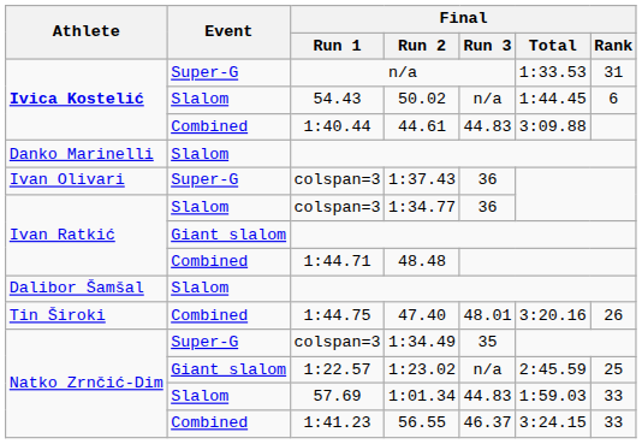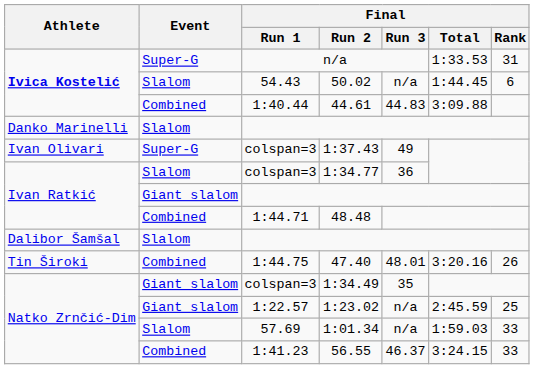 <table class="wikitable" style="font-size:90%">
 <tr>
 <th rowspan="2">Athlete</th>
 <th rowspan="2">Event</th>
 <th colspan="5">Final</th>
 </tr>
 <tr>
 <th>Run 1</th>
 <th>Run 2</th>
 <th>Run 3</th>
 <th>Total</th>
 <th>Rank</th>
 </tr>
 <tr>
 <td rowspan=3><strong><a href='#'>Ivica Kostelić</a></strong></td>
 <td><a href='#'>Super-G</a></td>
 <td colspan=3 align="center">n/a</td>
 <td align="center">1:33.53</td>
 <td align="center">31</td>
 </tr>
 <tr>
 <td><a href='#'>Slalom</a></td>
 <td align="center">54.43</td>
 <td align="center">50.02</td>
 <td align="center">n/a</td>
 <td align="center">1:44.45</td>
 <td align="center">6</td>
 </tr>
 <tr>
 <td><a href='#'>Combined</a></td>
 <td align="center">1:40.44</td>
 <td align="center">44.61</td>
 <td align="center">44.83</td>
 <td align="center">3:09.88</td>
 <td align="center"></td>
 </tr>
 <tr>
 <td><a href='#'>Danko Marinelli</a></td>
 <td><a href='#'>Slalom</a></td>
 <td colspan=5 align="center"></td>
 </tr>
 <tr>
 <td><a href='#'>Ivan Olivari</a></td>
 <td><a href='#'>Super-G</a></td>
 <td>colspan=3 </td>
 <td align="center">1:37.43</td>
-<td align="center">36</td>
+<td align="center">49</td>
 </tr>
 <tr>
 <td rowspan=3><a href='#'>Ivan Ratkić</a></td>
 <td><a href='#'>Slalom</a></td>
 <td>colspan=3 </td>
 <td align="center">1:34.77</td>
 <td align="center">36</td>
 </tr>
 <tr>
 <td><a href='#'>Giant slalom</a></td>
 <td colspan=5 align="center"></td>
 </tr>
 <tr>
 <td><a href='#'>Combined</a></td>
 <td align="center">1:44.71</td>
 <td align="center">48.48</td>
 <td colspan=3 align="center"></td>
 </tr>
 <tr>
 <td><a href='#'>Dalibor Šamšal</a></td>
 <td><a href='#'>Slalom</a></td>
 <td colspan=5 align="center"></td>
 </tr>
 <tr>
 <td><a href='#'>Tin Široki</a></td>
 <td><a href='#'>Combined</a></td>
 <td align="center">1:44.75</td>
 <td align="center">47.40</td>
 <td align="center">48.01</td>
 <td align="center">3:20.16</td>
 <td align="center">26</td>
 </tr>
 <tr>
 <td rowspan=4><a href='#'>Natko Zrnčić-Dim</a></td>
-<td><a href='#'>Super-G</a></td>
+<td><a href='#'>Giant slalom</a></td>
 <td>colspan=3 </td>
 <td align="center">1:34.49</td>
 <td align="center">35</td>
 </tr>
 <tr>
 <td><a href='#'>Giant slalom</a></td>
 <td align="center">1:22.57</td>
 <td align="center">1:23.02</td>
 <td align="center">n/a</td>
 <td align="center">2:45.59</td>
 <td align="center">25</td>
 </tr>
 <tr>
 <td><a href='#'>Slalom</a></td>
 <td align="center">57.69</td>
 <td align="center">1:01.34</td>
-<td align="center">44.83</td>
+<td align="center">n/a</td>
 <td align="center">1:59.03</td>
 <td align="center">33</td>
 </tr>
 <tr>
 <td><a href='#'>Combined</a></td>
 <td align="center">1:41.23</td>
 <td align="center">56.55</td>
 <td align="center">46.37</td>
 <td align="center">3:24.15</td>
 <td align="center">33</td>
 </tr>
 </table>
